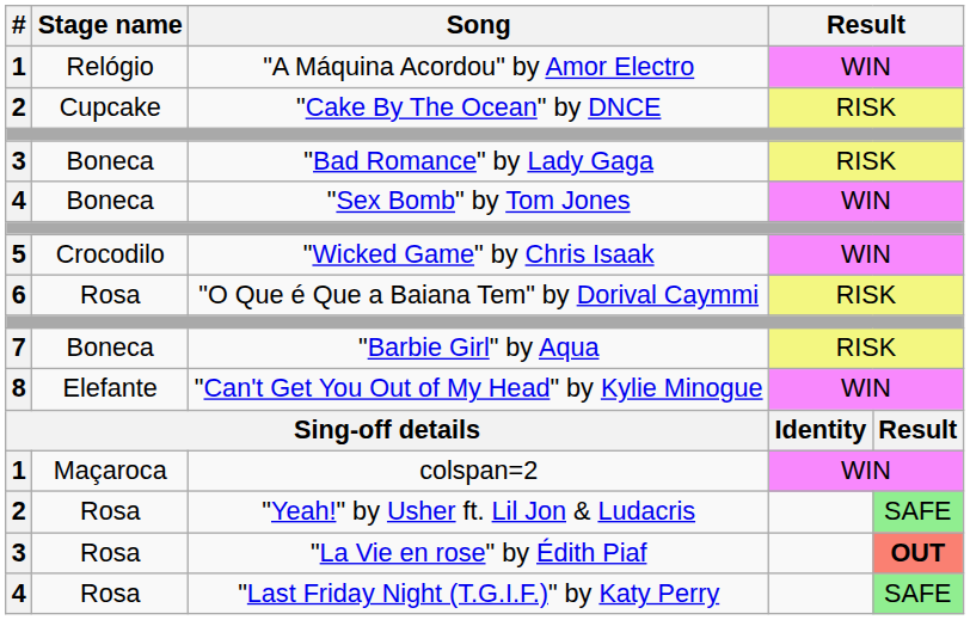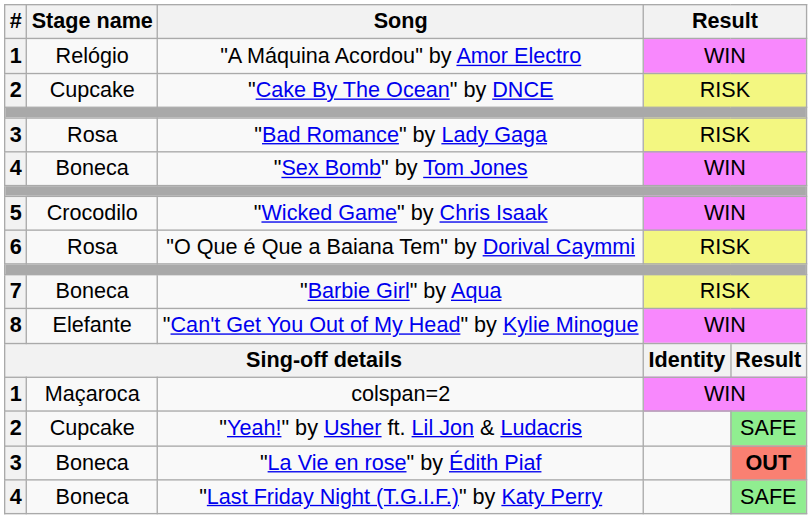 <table class="wikitable plainrowheaders" style="text-align: center;">
 <tr>
 <th>#</th>
 <th>Stage name</th>
 <th>Song</th>
 <th colspan=2>Result</th>
 </tr>
 <tr>
 <th>1</th>
 <td>Relógio</td>
 <td>"A Máquina Acordou" by <a href='#'>Amor Electro</a></td>
 <td colspan=2 bgcolor="#F888FD">WIN</td>
 </tr>
 <tr>
 <th>2</th>
 <td>Cupcake</td>
 <td>"<a href='#'>Cake By The Ocean</a>" by <a href='#'>DNCE</a></td>
 <td colspan=2 bgcolor="#F3F781">RISK</td>
 </tr>
 <tr>
 <td colspan="5" style="background:darkgray"></td>
 </tr>
 <tr>
 <th>3</th>
-<td>Boneca</td>
+<td>Rosa</td>
 <td>"<a href='#'>Bad Romance</a>" by <a href='#'>Lady Gaga</a></td>
 <td colspan=2 bgcolor="#F3F781">RISK</td>
 </tr>
 <tr>
 <th>4</th>
 <td>Boneca</td>
 <td>"<a href='#'>Sex Bomb</a>" by <a href='#'>Tom Jones</a></td>
 <td colspan=2 bgcolor="#F888FD">WIN</td>
 </tr>
 <tr>
 <td colspan="5" style="background:darkgray"></td>
 </tr>
 <tr>
 <th>5</th>
 <td>Crocodilo</td>
 <td>"<a href='#'>Wicked Game</a>" by <a href='#'>Chris Isaak</a></td>
 <td colspan=2 bgcolor="#F888FD">WIN</td>
 </tr>
 <tr>
 <th>6</th>
 <td>Rosa</td>
 <td>"O Que é Que a Baiana Tem" by <a href='#'>Dorival Caymmi</a></td>
 <td colspan=2 bgcolor="#F3F781">RISK</td>
 </tr>
 <tr>
 <td colspan="5" style="background:darkgray"></td>
 </tr>
 <tr>
 <th>7</th>
 <td>Boneca</td>
 <td>"<a href='#'>Barbie Girl</a>" by <a href='#'>Aqua</a></td>
 <td colspan=2 bgcolor="#F3F781">RISK</td>
 </tr>
 <tr>
 <th>8</th>
 <td>Elefante</td>
 <td>"<a href='#'>Can't Get You Out of My Head</a>" by <a href='#'>Kylie Minogue</a></td>
 <td colspan=2 bgcolor="#F888FD">WIN</td>
 </tr>
 <tr>
 <th colspan="3">Sing-off details</th>
 <th>Identity</th>
 <th>Result</th>
 </tr>
 <tr>
 <th>1</th>
 <td>Maçaroca</td>
 <td>colspan=2 </td>
 <td colspan=2 bgcolor="#F888FD">WIN</td>
 </tr>
 <tr>
 <th>2</th>
-<td>Rosa</td>
+<td>Cupcake</td>
 <td>"<a href='#'>Yeah!</a>" by <a href='#'>Usher</a> ft. <a href='#'>Lil Jon</a> & <a href='#'>Ludacris</a></td>
 <td></td>
 <td bgcolor=lightgreen>SAFE</td>
 </tr>
 <tr>
 <th>3</th>
-<td>Rosa</td>
+<td>Boneca</td>
 <td>"<a href='#'>La Vie en rose</a>" by <a href='#'>Édith Piaf</a></td>
 <td></td>
 <td bgcolor="salmon"><strong>OUT</strong></td>
 </tr>
 <tr>
 <th>4</th>
-<td>Rosa</td>
+<td>Boneca</td>
 <td>"<a href='#'>Last Friday Night (T.G.I.F.)</a>" by <a href='#'>Katy Perry</a></td>
 <td></td>
 <td bgcolor=lightgreen>SAFE</td>
 </tr>
 </table>
